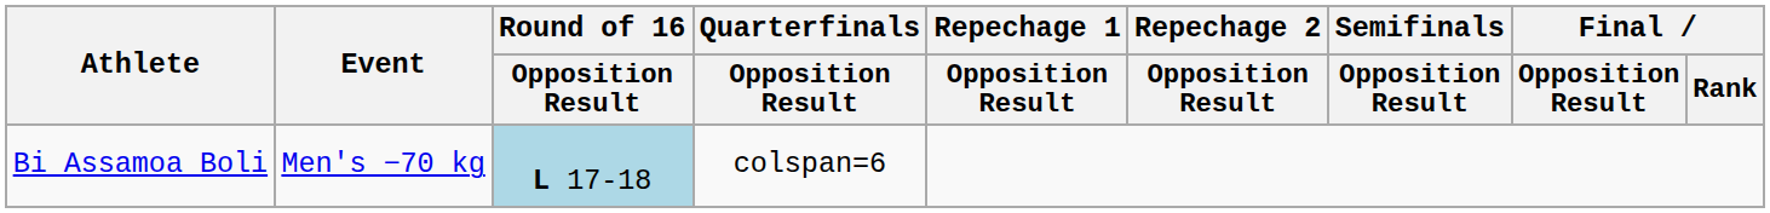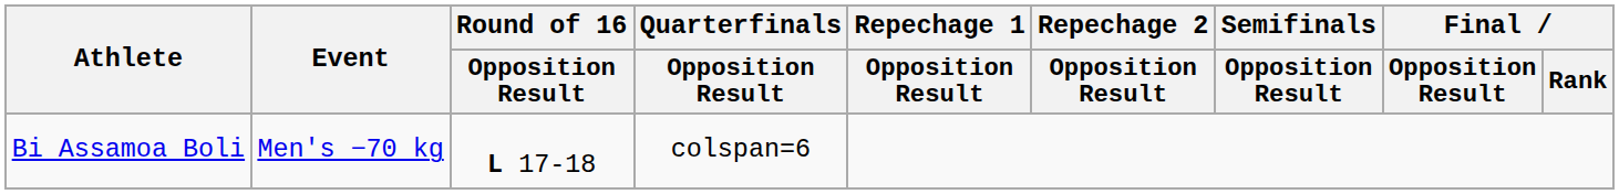 <table class="wikitable" style="font-size:90%;">
 <tr>
 <th rowspan=2>Athlete</th>
 <th rowspan=2>Event</th>
 <th>Round of 16</th>
 <th>Quarterfinals</th>
 <th>Repechage 1</th>
 <th>Repechage 2</th>
 <th>Semifinals</th>
 <th colspan=2>Final / </th>
 </tr>
 <tr style="font-size:95%">
 <th>Opposition<br>Result</th>
 <th>Opposition<br>Result</th>
 <th>Opposition<br>Result</th>
 <th>Opposition<br>Result</th>
 <th>Opposition<br>Result</th>
 <th>Opposition<br>Result</th>
 <th>Rank</th>
 </tr>
 <tr align=center>
 <td align=left><a href='#'>Bi Assamoa Boli</a></td>
 <td align=left><a href='#'>Men's −70 kg</a></td>
-<td style="background: lightblue;"><br><strong>L</strong> 17-18</td>
+<td><br><strong>L</strong> 17-18</td>
 <td>colspan=6 </td>
 </tr>
 </table>
